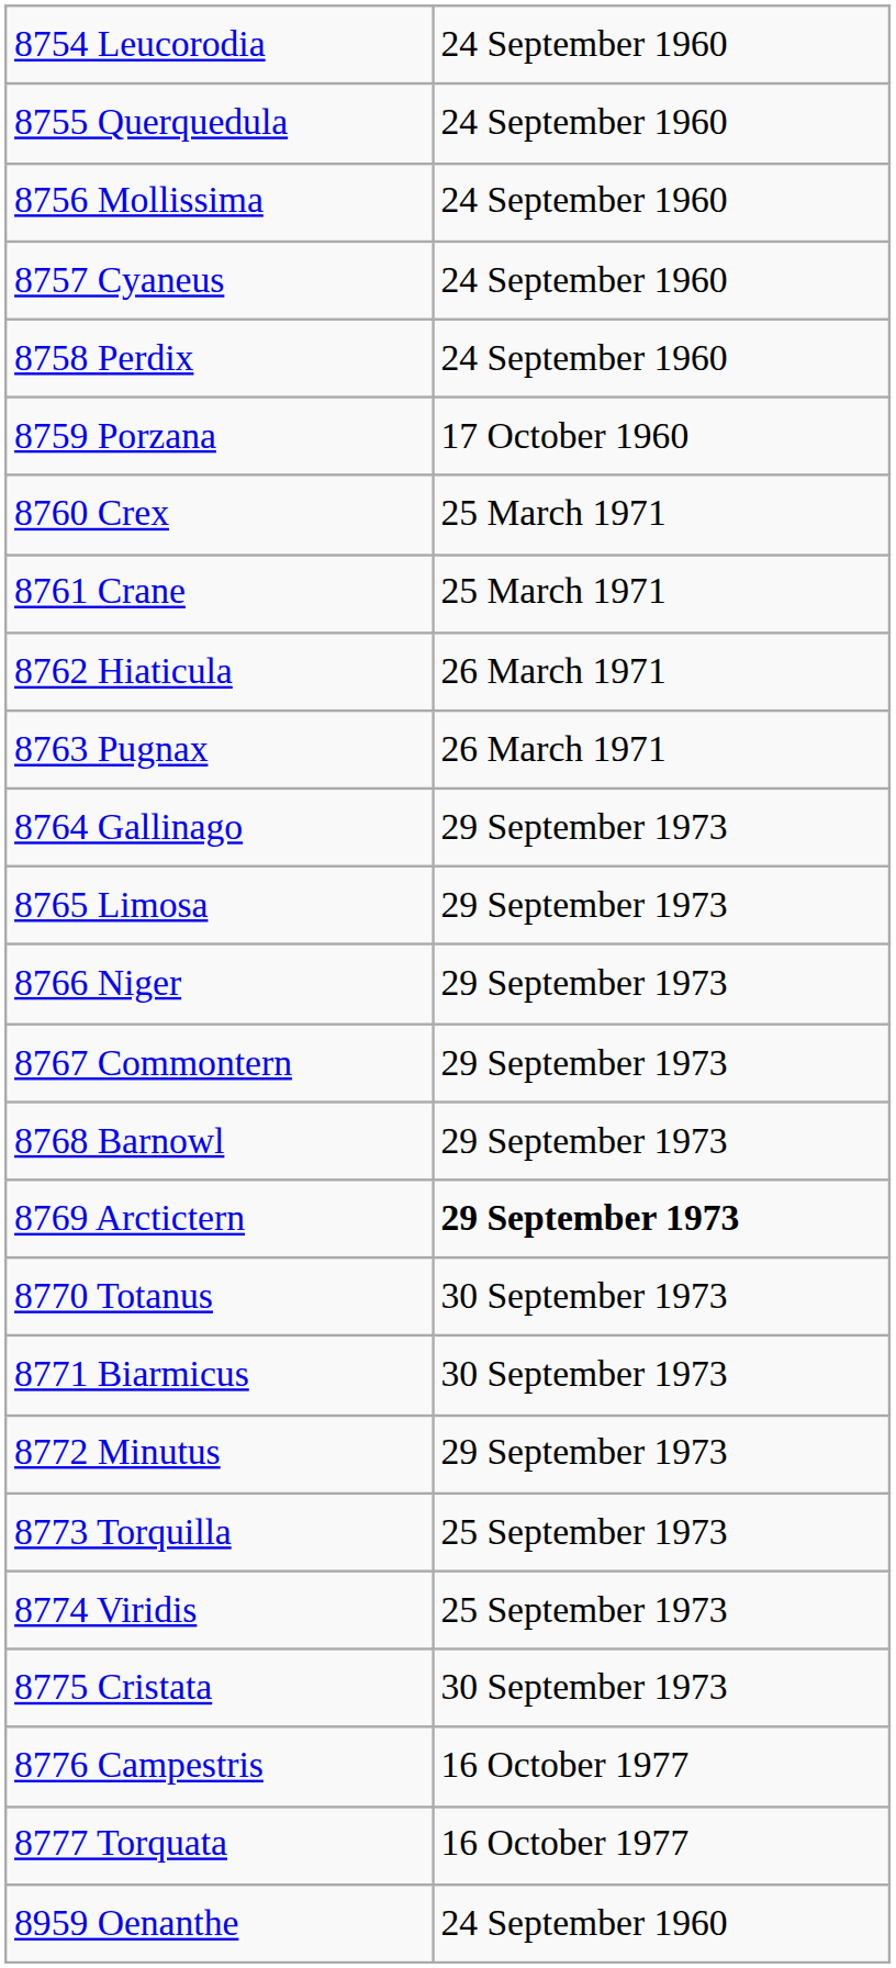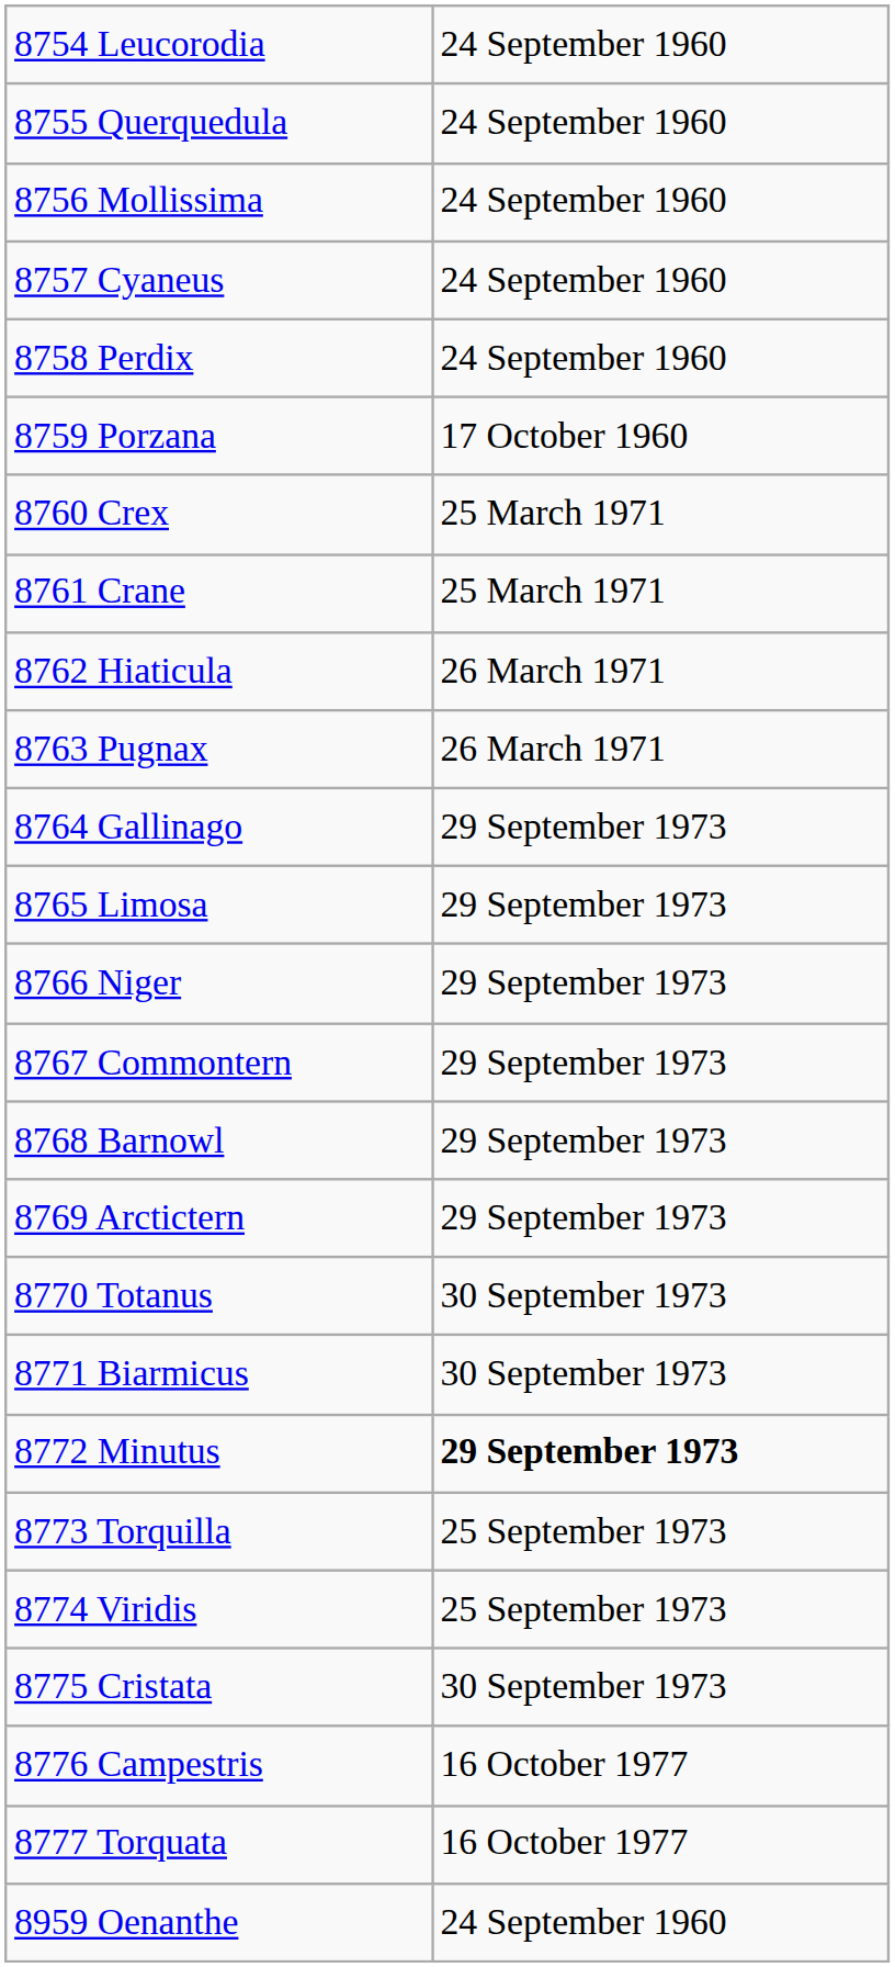 <table class="wikitable" style="font-size: 89%; float: left; width: 24em; margin-right: 1em; line-height: 1.65em">
 <tr>
 <td><a href='#'>8754 Leucorodia</a></td>
 <td>24 September 1960</td>
 </tr>
 <tr>
 <td><a href='#'>8755 Querquedula</a></td>
 <td>24 September 1960</td>
 </tr>
 <tr>
 <td><a href='#'>8756 Mollissima</a></td>
 <td>24 September 1960</td>
 </tr>
 <tr>
 <td><a href='#'>8757 Cyaneus</a></td>
 <td>24 September 1960</td>
 </tr>
 <tr>
 <td><a href='#'>8758 Perdix</a></td>
 <td>24 September 1960</td>
 </tr>
 <tr>
 <td><a href='#'>8759 Porzana</a></td>
 <td>17 October 1960</td>
 </tr>
 <tr>
 <td><a href='#'>8760 Crex</a></td>
 <td>25 March 1971</td>
 </tr>
 <tr>
 <td><a href='#'>8761 Crane</a></td>
 <td>25 March 1971</td>
 </tr>
 <tr>
 <td><a href='#'>8762 Hiaticula</a></td>
 <td>26 March 1971</td>
 </tr>
 <tr>
 <td><a href='#'>8763 Pugnax</a></td>
 <td>26 March 1971</td>
 </tr>
 <tr>
 <td><a href='#'>8764 Gallinago</a></td>
 <td>29 September 1973</td>
 </tr>
 <tr>
 <td><a href='#'>8765 Limosa</a></td>
 <td>29 September 1973</td>
 </tr>
 <tr>
 <td><a href='#'>8766 Niger</a></td>
 <td>29 September 1973</td>
 </tr>
 <tr>
 <td><a href='#'>8767 Commontern</a></td>
 <td>29 September 1973</td>
 </tr>
 <tr>
 <td><a href='#'>8768 Barnowl</a></td>
 <td>29 September 1973</td>
 </tr>
 <tr>
 <td><a href='#'>8769 Arctictern</a></td>
-<td><strong>29 September 1973</strong></td>
+<td>29 September 1973</td>
 </tr>
 <tr>
 <td><a href='#'>8770 Totanus</a></td>
 <td>30 September 1973</td>
 </tr>
 <tr>
 <td><a href='#'>8771 Biarmicus</a></td>
 <td>30 September 1973</td>
 </tr>
 <tr>
 <td><a href='#'>8772 Minutus</a></td>
-<td>29 September 1973</td>
+<td><strong>29 September 1973</strong></td>
 </tr>
 <tr>
 <td><a href='#'>8773 Torquilla</a></td>
 <td>25 September 1973</td>
 </tr>
 <tr>
 <td><a href='#'>8774 Viridis</a></td>
 <td>25 September 1973</td>
 </tr>
 <tr>
 <td><a href='#'>8775 Cristata</a></td>
 <td>30 September 1973</td>
 </tr>
 <tr>
 <td><a href='#'>8776 Campestris</a></td>
 <td>16 October 1977</td>
 </tr>
 <tr>
 <td><a href='#'>8777 Torquata</a></td>
 <td>16 October 1977</td>
 </tr>
 <tr>
 <td><a href='#'>8959 Oenanthe</a></td>
 <td>24 September 1960</td>
 </tr>
 </table>
